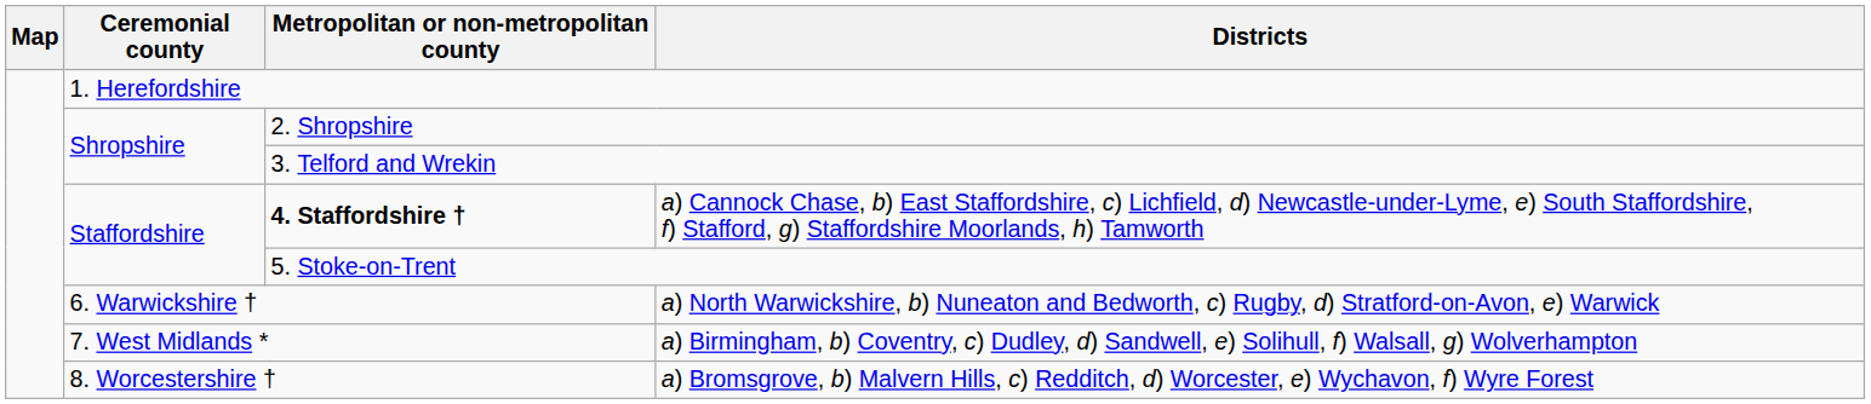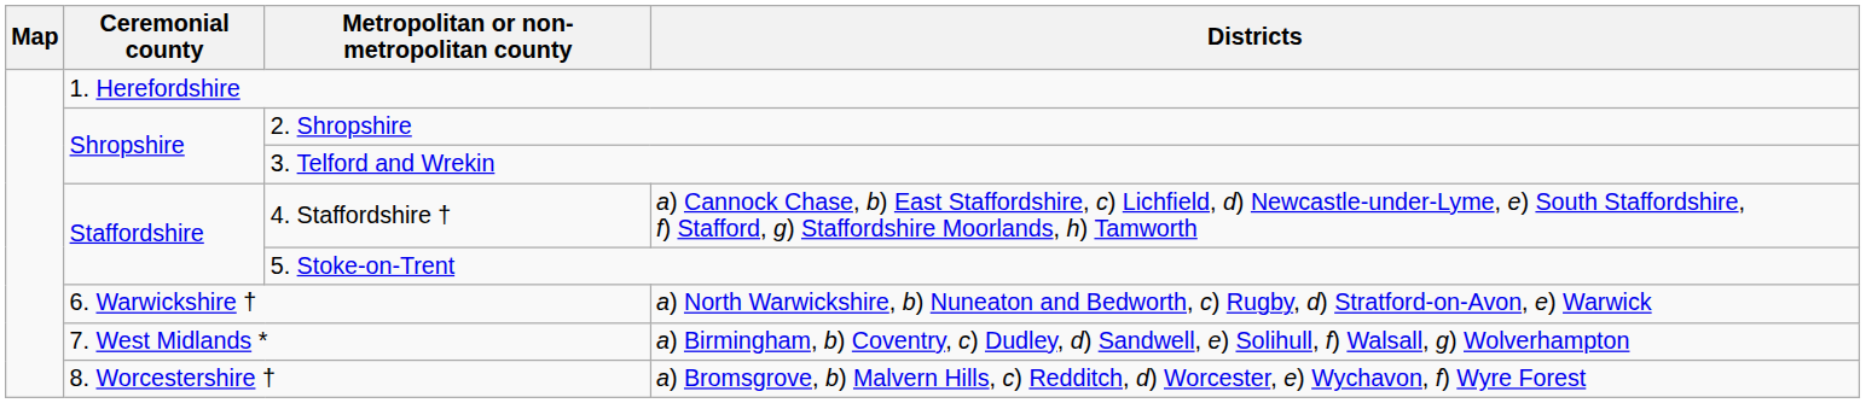 <table class="wikitable">
 <tr>
 <th>Map</th>
 <th>Ceremonial county</th>
 <th>Metropolitan or non-metropolitan county</th>
 <th>Districts</th>
 </tr>
 <tr>
 <td rowspan="8"></td>
 <td colspan="3">1. <a href='#'>Herefordshire</a> </td>
 </tr>
 <tr>
 <td rowspan="2"><a href='#'>Shropshire</a></td>
 <td colspan="2">2. <a href='#'>Shropshire</a> </td>
 </tr>
 <tr>
 <td colspan="2">3. <a href='#'>Telford and Wrekin</a> </td>
 </tr>
 <tr>
 <td rowspan="2"><a href='#'>Staffordshire</a></td>
-<td><strong>4. Staffordshire †</strong></td>
+<td>4. Staffordshire †</td>
 <td><em>a</em>) <a href='#'>Cannock Chase</a>, <em>b</em>) <a href='#'>East Staffordshire</a>, <em>c</em>) <a href='#'>Lichfield</a>, <em>d</em>) <a href='#'>Newcastle-under-Lyme</a>, <em>e</em>) <a href='#'>South Staffordshire</a>,  <em>f</em>) <a href='#'>Stafford</a>, <em>g</em>) <a href='#'>Staffordshire Moorlands</a>, <em>h</em>) <a href='#'>Tamworth</a></td>
 </tr>
 <tr>
 <td colspan="2">5. <a href='#'>Stoke-on-Trent</a> </td>
 </tr>
 <tr>
 <td colspan="2">6. <a href='#'>Warwickshire</a> †</td>
 <td><em>a</em>) <a href='#'>North Warwickshire</a>, <em>b</em>) <a href='#'>Nuneaton and Bedworth</a>, <em>c</em>) <a href='#'>Rugby</a>, <em>d</em>) <a href='#'>Stratford-on-Avon</a>, <em>e</em>) <a href='#'>Warwick</a></td>
 </tr>
 <tr>
 <td colspan="2">7. <a href='#'>West Midlands</a> *</td>
 <td><em>a</em>) <a href='#'>Birmingham</a>, <em>b</em>) <a href='#'>Coventry</a>, <em>c</em>) <a href='#'>Dudley</a>, <em>d</em>) <a href='#'>Sandwell</a>, <em>e</em>) <a href='#'>Solihull</a>, <em>f</em>) <a href='#'>Walsall</a>, <em>g</em>) <a href='#'>Wolverhampton</a></td>
 </tr>
 <tr>
 <td colspan="2">8. <a href='#'>Worcestershire</a> †</td>
 <td><em>a</em>) <a href='#'>Bromsgrove</a>, <em>b</em>) <a href='#'>Malvern Hills</a>, <em>c</em>) <a href='#'>Redditch</a>, <em>d</em>) <a href='#'>Worcester</a>, <em>e</em>) <a href='#'>Wychavon</a>, <em>f</em>) <a href='#'>Wyre Forest</a></td>
 </tr>
 </table>
